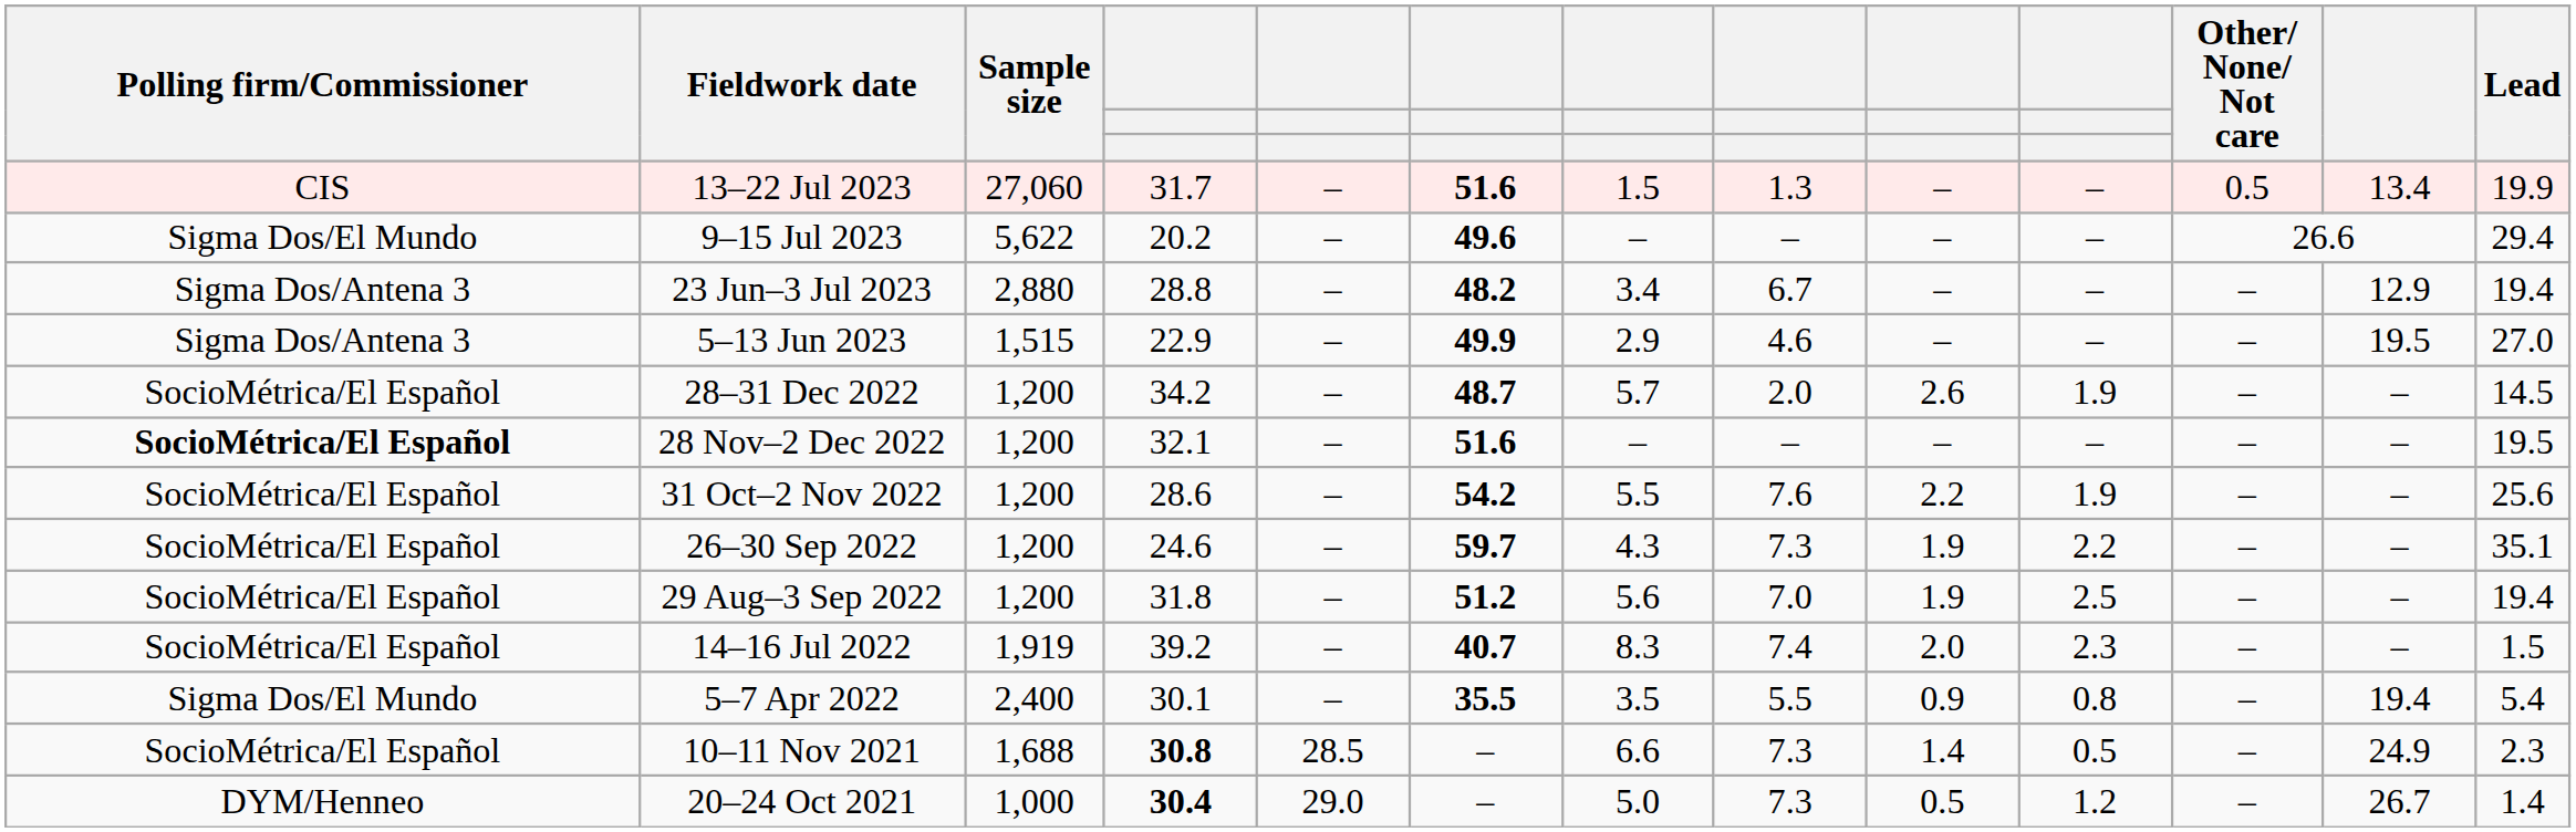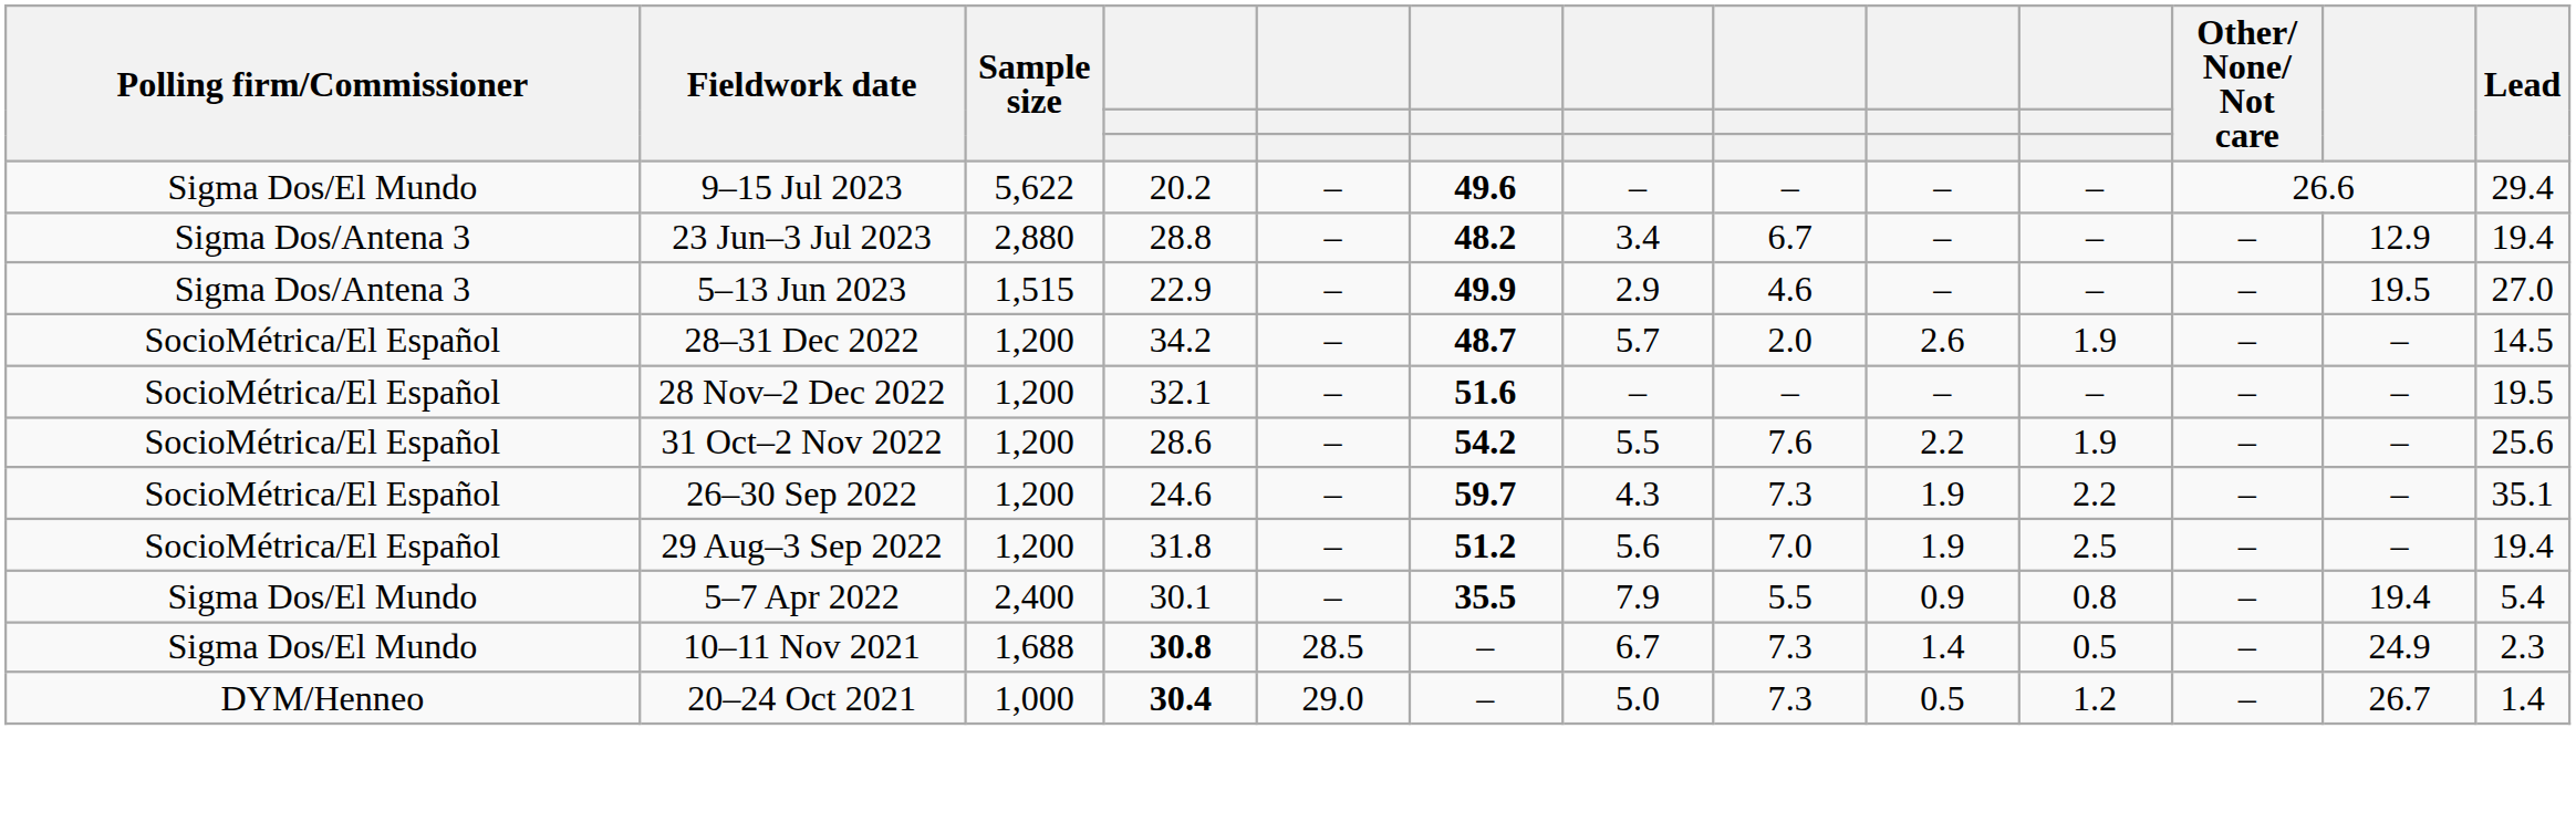 <table class="wikitable collapsible collapsed" style="text-align:center; font-size:90%; line-height:14px;">
 <tr style="height:42px;">
 <th style="width:250px;" rowspan="3">Polling firm/Commissioner</th>
 <th style="width:125px;" rowspan="3">Fieldwork date</th>
 <th style="width:50px;" rowspan="3">Sample size</th>
 <th style="width:55px;"></th>
 <th style="width:55px;"></th>
 <th style="width:55px;"></th>
 <th style="width:55px;"></th>
 <th style="width:55px;"></th>
 <th style="width:55px;"></th>
 <th style="width:55px;"></th>
 <th style="width:55px;" rowspan="3">Other/<br>None/<br>Not<br>care</th>
 <th style="width:55px;" rowspan="3"></th>
 <th style="width:30px;" rowspan="3">Lead</th>
 </tr>
 <tr>
 <th style="color:inherit;background:"></th>
 <th style="color:inherit;background:"></th>
 <th style="color:inherit;background:"></th>
 <th style="color:inherit;background:"></th>
 <th style="color:inherit;background:"></th>
 <th style="color:inherit;background:"></th>
 <th style="color:inherit;background:"></th>
 </tr>
 <tr>
 <th></th>
 <th></th>
 <th></th>
 <th></th>
 <th></th>
 <th></th>
 <th></th>
-</tr>
-<tr style="background:#FFEAEA;">
-<td>CIS</td>
-<td>13–22 Jul 2023</td>
-<td>27,060</td>
-<td>31.7</td>
-<td>–</td>
-<td><strong>51.6</strong></td>
-<td>1.5</td>
-<td>1.3</td>
-<td>–</td>
-<td>–</td>
-<td>0.5</td>
-<td>13.4</td>
-<td style="background:">19.9</td>
 </tr>
 <tr>
 <td>Sigma Dos/El Mundo</td>
 <td>9–15 Jul 2023</td>
 <td>5,622</td>
 <td>20.2</td>
 <td>–</td>
 <td><strong>49.6</strong></td>
 <td>–</td>
 <td>–</td>
 <td>–</td>
 <td>–</td>
 <td colspan="2">26.6</td>
 <td style="background:">29.4</td>
 </tr>
 <tr>
 <td>Sigma Dos/Antena 3</td>
 <td>23 Jun–3 Jul 2023</td>
 <td>2,880</td>
 <td>28.8</td>
 <td>–</td>
 <td><strong>48.2</strong></td>
 <td>3.4</td>
 <td>6.7</td>
 <td>–</td>
 <td>–</td>
 <td>–</td>
 <td>12.9</td>
 <td style="background:">19.4</td>
 </tr>
 <tr>
 <td>Sigma Dos/Antena 3</td>
 <td>5–13 Jun 2023</td>
 <td>1,515</td>
 <td>22.9</td>
 <td>–</td>
 <td><strong>49.9</strong></td>
 <td>2.9</td>
 <td>4.6</td>
 <td>–</td>
 <td>–</td>
 <td>–</td>
 <td>19.5</td>
 <td style="background:">27.0</td>
 </tr>
 <tr>
 <td>SocioMétrica/El Español</td>
 <td>28–31 Dec 2022</td>
 <td>1,200</td>
 <td>34.2</td>
 <td>–</td>
 <td><strong>48.7</strong></td>
 <td>5.7</td>
 <td>2.0</td>
 <td>2.6</td>
 <td>1.9</td>
 <td>–</td>
 <td>–</td>
 <td style="background:">14.5</td>
 </tr>
 <tr>
-<td><strong>SocioMétrica/El Español</strong></td>
+<td>SocioMétrica/El Español</td>
 <td>28 Nov–2 Dec 2022</td>
 <td>1,200</td>
 <td>32.1</td>
 <td>–</td>
 <td><strong>51.6</strong></td>
 <td>–</td>
 <td>–</td>
 <td>–</td>
 <td>–</td>
 <td>–</td>
 <td>–</td>
 <td style="background:">19.5</td>
 </tr>
 <tr>
 <td>SocioMétrica/El Español</td>
 <td>31 Oct–2 Nov 2022</td>
 <td>1,200</td>
 <td>28.6</td>
 <td>–</td>
 <td><strong>54.2</strong></td>
 <td>5.5</td>
 <td>7.6</td>
 <td>2.2</td>
 <td>1.9</td>
 <td>–</td>
 <td>–</td>
 <td style="background:">25.6</td>
 </tr>
 <tr>
 <td>SocioMétrica/El Español</td>
 <td>26–30 Sep 2022</td>
 <td>1,200</td>
 <td>24.6</td>
 <td>–</td>
 <td><strong>59.7</strong></td>
 <td>4.3</td>
 <td>7.3</td>
 <td>1.9</td>
 <td>2.2</td>
 <td>–</td>
 <td>–</td>
 <td style="background:">35.1</td>
 </tr>
 <tr>
 <td>SocioMétrica/El Español</td>
 <td>29 Aug–3 Sep 2022</td>
 <td>1,200</td>
 <td>31.8</td>
 <td>–</td>
 <td><strong>51.2</strong></td>
 <td>5.6</td>
 <td>7.0</td>
 <td>1.9</td>
 <td>2.5</td>
 <td>–</td>
 <td>–</td>
 <td style="background:">19.4</td>
 </tr>
 <tr>
-<td>SocioMétrica/El Español</td>
-<td>14–16 Jul 2022</td>
-<td>1,919</td>
-<td>39.2</td>
-<td>–</td>
-<td><strong>40.7</strong></td>
-<td>8.3</td>
-<td>7.4</td>
-<td>2.0</td>
-<td>2.3</td>
-<td>–</td>
-<td>–</td>
-<td style="background:">1.5</td>
-</tr>
-<tr>
 <td>Sigma Dos/El Mundo</td>
 <td>5–7 Apr 2022</td>
 <td>2,400</td>
 <td>30.1</td>
 <td>–</td>
 <td><strong>35.5</strong></td>
-<td>3.5</td>
+<td>7.9</td>
 <td>5.5</td>
 <td>0.9</td>
 <td>0.8</td>
 <td>–</td>
 <td>19.4</td>
 <td style="background:">5.4</td>
 </tr>
 <tr>
-<td>SocioMétrica/El Español</td>
+<td>Sigma Dos/El Mundo</td>
 <td>10–11 Nov 2021</td>
 <td>1,688</td>
 <td><strong>30.8</strong></td>
 <td>28.5</td>
 <td>–</td>
-<td>6.6</td>
+<td>6.7</td>
 <td>7.3</td>
 <td>1.4</td>
 <td>0.5</td>
 <td>–</td>
 <td>24.9</td>
 <td style="background:">2.3</td>
 </tr>
 <tr>
 <td>DYM/Henneo</td>
 <td>20–24 Oct 2021</td>
 <td>1,000</td>
 <td><strong>30.4</strong></td>
 <td>29.0</td>
 <td>–</td>
 <td>5.0</td>
 <td>7.3</td>
 <td>0.5</td>
 <td>1.2</td>
 <td>–</td>
 <td>26.7</td>
 <td style="background:">1.4</td>
 </tr>
 </table>
